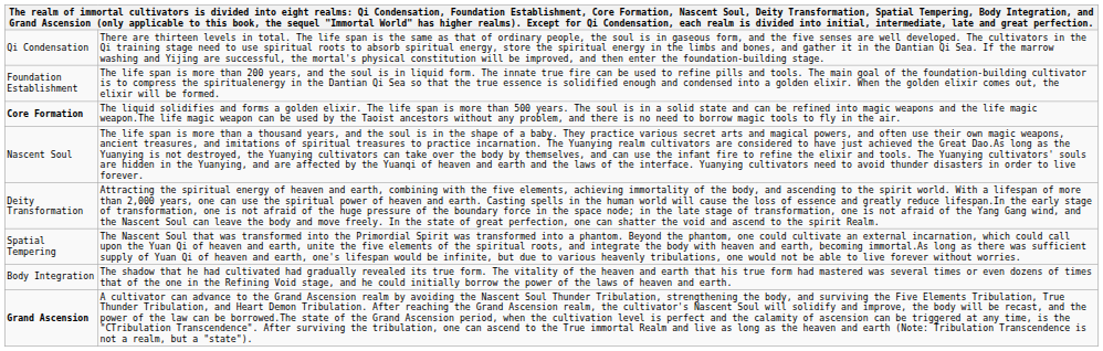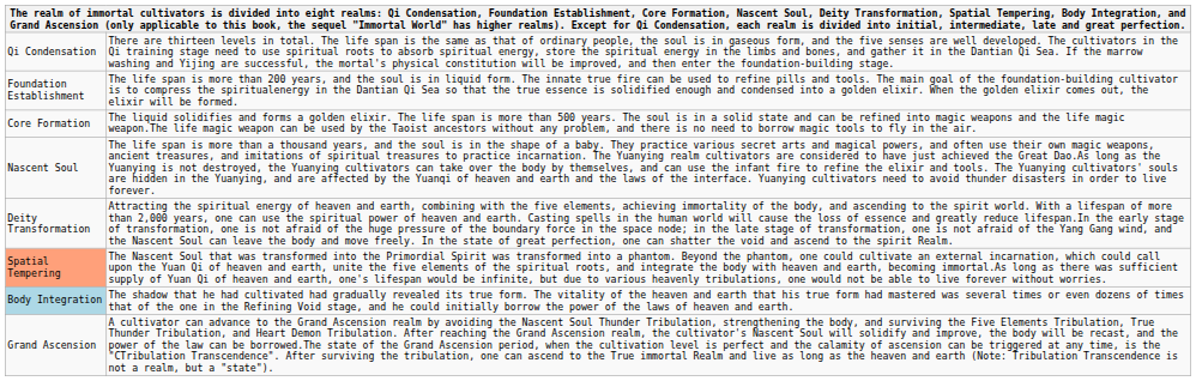 <table class="wikitable">
 <tr>
 <th colspan="2">The realm of immortal cultivators is divided into eight realms: Qi Condensation, Foundation Establishment, Core Formation, Nascent Soul, Deity Transformation, Spatial Tempering, Body Integration, and Grand Ascension (only applicable to this book, the sequel "Immortal World" has higher realms). Except for Qi Condensation, each realm is divided into initial, intermediate, late and great perfection.</th>
 </tr>
 <tr>
 <td>Qi Condensation</td>
 <td>There are thirteen levels in total. The life span is the same as that of ordinary people, the soul is in gaseous form, and the five senses are well developed. The cultivators in the Qi training stage need to use spiritual roots to absorb spiritual energy, store the spiritual energy in the limbs and bones, and gather it in the Dantian Qi Sea. If the marrow washing and Yijing are successful, the mortal's physical constitution will be improved, and then enter the foundation-building stage.</td>
 </tr>
 <tr>
 <td>Foundation Establishment</td>
 <td>The life span is more than 200 years, and the soul is in liquid form. The innate true fire can be used to refine pills and tools. The main goal of the foundation-building cultivator is to compress the spiritualenergy in the Dantian Qi Sea so that the true essence is solidified enough and condensed into a golden elixir. When the golden elixir comes out, the elixir will be formed.</td>
 </tr>
 <tr>
-<td><strong>Core Formation</strong></td>
+<td>Core Formation</td>
 <td>The liquid solidifies and forms a golden elixir. The life span is more than 500 years. The soul is in a solid state and can be refined into magic weapons and the life magic weapon.The life magic weapon can be used by the Taoist ancestors without any problem, and there is no need to borrow magic tools to fly in the air.</td>
 </tr>
 <tr>
 <td>Nascent Soul</td>
 <td>The life span is more than a thousand years, and the soul is in the shape of a baby. They practice various secret arts and magical powers, and often use their own magic weapons, ancient treasures, and imitations of spiritual treasures to practice incarnation. The Yuanying realm cultivators are considered to have just achieved the Great Dao.As long as the Yuanying is not destroyed, the Yuanying cultivators can take over the body by themselves, and can use the infant fire to refine the elixir and tools. The Yuanying cultivators' souls are hidden in the Yuanying, and are affected by the Yuanqi of heaven and earth and the laws of the interface. Yuanying cultivators need to avoid thunder disasters in order to live forever.</td>
 </tr>
 <tr>
 <td>Deity Transformation</td>
 <td>Attracting the spiritual energy of heaven and earth, combining with the five elements, achieving immortality of the body, and ascending to the spirit world. With a lifespan of more than 2,000 years, one can use the spiritual power of heaven and earth. Casting spells in the human world will cause the loss of essence and greatly reduce lifespan.In the early stage of transformation, one is not afraid of the huge pressure of the boundary force in the space node; in the late stage of transformation, one is not afraid of the Yang Gang wind, and the Nascent Soul can leave the body and move freely. In the state of great perfection, one can shatter the void and ascend to the spirit Realm.</td>
 </tr>
 <tr>
-<td>Spatial Tempering</td>
+<td style="background: lightsalmon;">Spatial Tempering</td>
 <td>The Nascent Soul that was transformed into the Primordial Spirit was transformed into a phantom. Beyond the phantom, one could cultivate an external incarnation, which could call upon the Yuan Qi of heaven and earth, unite the five elements of the spiritual roots, and integrate the body with heaven and earth, becoming immortal.As long as there was sufficient supply of Yuan Qi of heaven and earth, one's lifespan would be infinite, but due to various heavenly tribulations, one would not be able to live forever without worries.</td>
 </tr>
 <tr>
-<td>Body Integration</td>
+<td style="background: lightblue;">Body Integration</td>
 <td>The shadow that he had cultivated had gradually revealed its true form. The vitality of the heaven and earth that his true form had mastered was several times or even dozens of times that of the one in the Refining Void stage, and he could initially borrow the power of the laws of heaven and earth.</td>
 </tr>
 <tr>
-<td><strong>Grand Ascension</strong></td>
+<td>Grand Ascension</td>
 <td>A cultivator can advance to the Grand Ascension realm by avoiding the Nascent Soul Thunder Tribulation, strengthening the body, and surviving the Five Elements Tribulation, True Thunder Tribulation, and Heart Demon Tribulation. After reaching the Grand Ascension realm, the cultivator's Nascent Soul will solidify and improve, the body will be recast, and the power of the law can be borrowed.The state of the Grand Ascension period, when the cultivation level is perfect and the calamity of ascension can be triggered at any time, is the "CTribulation Transcendence". After surviving the tribulation, one can ascend to the True immortal Realm and live as long as the heaven and earth (Note: Tribulation Transcendence is not a realm, but a "state").</td>
 </tr>
 </table>
